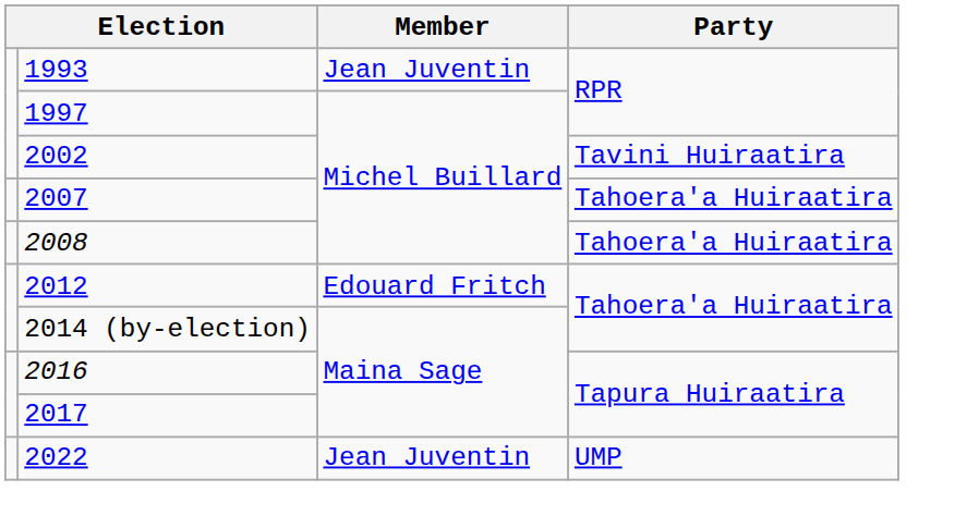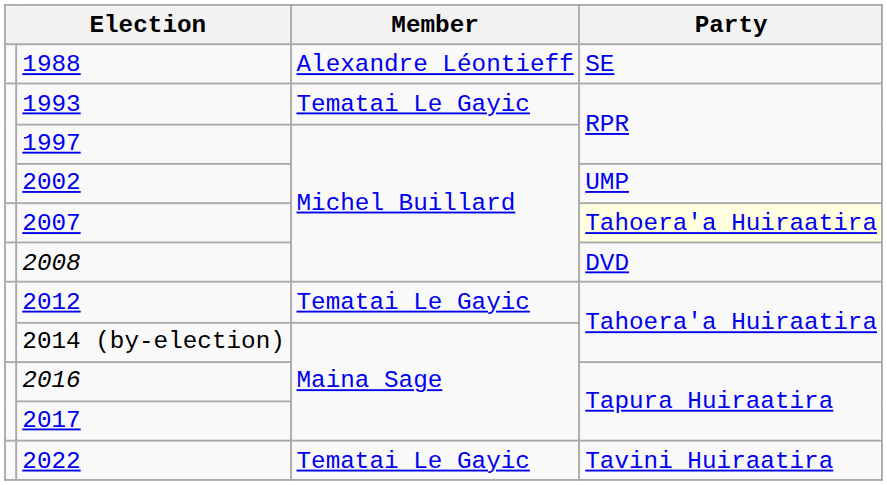 <table class="wikitable">
 <tr>
 <th colspan="2">Election</th>
 <th>Member</th>
 <th>Party</th>
 </tr>
 <tr>
+<td style="color:inherit;background-color: "></td>
+<td><a href='#'>1988</a></td>
+<td><a href='#'>Alexandre Léontieff</a></td>
+<td><a href='#'>SE</a></td>
+</tr>
+<tr>
 <td rowspan="3" style="background-color: "></td>
 <td><a href='#'>1993</a></td>
-<td><a href='#'>Jean Juventin</a></td>
+<td><a href='#'>Tematai Le Gayic</a></td>
 <td rowspan="2"><a href='#'>RPR</a></td>
 </tr>
 <tr>
 <td><a href='#'>1997</a></td>
 <td rowspan="4"><a href='#'>Michel Buillard</a></td>
 </tr>
 <tr>
 <td><a href='#'>2002</a></td>
-<td><a href='#'>Tavini Huiraatira</a></td>
+<td><a href='#'>UMP</a></td>
 </tr>
 <tr>
 <td style="color:inherit;background-color: "></td>
 <td><a href='#'>2007</a></td>
-<td><a href='#'>Tahoera'a Huiraatira</a></td>
+<td style="background: lightyellow;"><a href='#'>Tahoera'a Huiraatira</a></td>
 </tr>
 <tr>
 <td style="color:inherit;background-color: "></td>
 <td><em>2008</em></td>
-<td><a href='#'>Tahoera'a Huiraatira</a></td>
+<td><a href='#'>DVD</a></td>
 </tr>
 <tr>
 <td rowspan="2" style="background-color: "></td>
 <td><a href='#'>2012</a></td>
-<td><a href='#'>Edouard Fritch</a></td>
+<td><a href='#'>Tematai Le Gayic</a></td>
 <td rowspan="2"><a href='#'>Tahoera'a Huiraatira</a></td>
 </tr>
 <tr>
 <td>2014 (by-election)</td>
 <td rowspan="3"><a href='#'>Maina Sage</a></td>
 </tr>
 <tr>
 <td rowspan="2" style="background-color: "></td>
 <td><em>2016</em></td>
 <td rowspan="2"><a href='#'>Tapura Huiraatira</a></td>
 </tr>
 <tr>
 <td><a href='#'>2017</a></td>
 </tr>
 <tr>
 <td style="color:inherit;background: "></td>
 <td><a href='#'>2022</a></td>
-<td><a href='#'>Jean Juventin</a></td>
-<td><a href='#'>UMP</a></td>
+<td><a href='#'>Tematai Le Gayic</a></td>
+<td><a href='#'>Tavini Huiraatira</a></td>
 </tr>
 </table>
